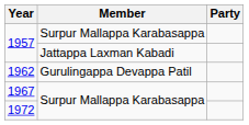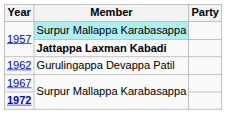 <table class="wikitable sortable">
 <tr>
 <th>Year</th>
 <th>Member</th>
 <th colspan=2>Party</th>
 </tr>
 <tr>
 <td rowspan="2"><a href='#'>1957</a></td>
-<td>Surpur Mallappa Karabasappa</td>
+<td style="background: paleturquoise;">Surpur Mallappa Karabasappa</td>
 <td></td>
 </tr>
 <tr>
-<td>Jattappa Laxman Kabadi</td>
+<td><strong>Jattappa Laxman Kabadi</strong></td>
 </tr>
 <tr>
 <td><a href='#'>1962</a></td>
 <td>Gurulingappa Devappa Patil</td>
 <td></td>
 </tr>
 <tr>
 <td><a href='#'>1967</a></td>
 <td rowspan="2">Surpur Mallappa Karabasappa</td>
 </tr>
 <tr>
-<td><a href='#'>1972</a></td>
+<td><strong><a href='#'>1972</a></strong></td>
 <td></td>
 </tr>
 </table>
